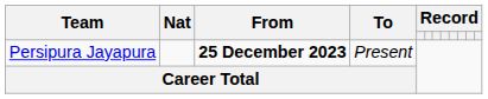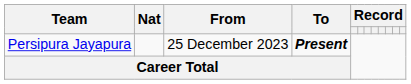 <table class="wikitable" style="text-align: center;">
 <tr>
 <th rowspan="2">Team</th>
 <th rowspan="2">Nat</th>
 <th rowspan="2">From</th>
 <th rowspan="2">To</th>
 <th colspan="8">Record</th>
 </tr>
 <tr>
 <th></th>
 <th></th>
 <th></th>
 <th></th>
 <th></th>
 <th></th>
 <th></th>
 <th></th>
 </tr>
 <tr>
 <td align="left"><a href='#'>Persipura Jayapura</a></td>
 <td></td>
-<td align="left"><strong>25 December 2023</strong></td>
-<td align="left"><em>Present</em><br></td>
+<td align="left">25 December 2023</td>
+<td align="left"><strong><em>Present</em><br></strong></td>
 </tr>
 <tr>
 <th colspan="4">Career Total<br></th>
 </tr>
 </table>
